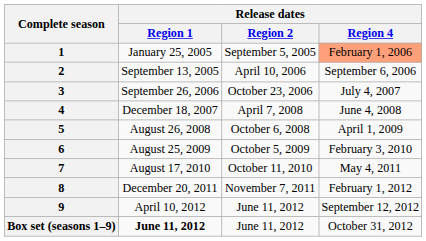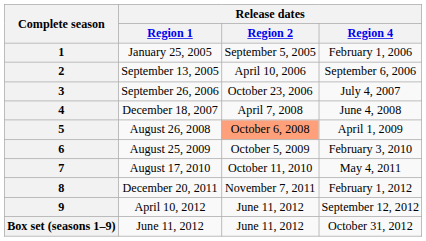 <table class="wikitable">
 <tr>
 <th rowspan="2">Complete season</th>
 <th colspan="3">Release dates</th>
 </tr>
 <tr>
 <th><a href='#'>Region 1</a></th>
 <th><a href='#'>Region 2</a></th>
 <th><a href='#'>Region 4</a></th>
 </tr>
 <tr>
 <th>1</th>
 <td style="text-align:center">January 25, 2005</td>
 <td style="text-align:center">September 5, 2005</td>
-<td style="background: lightsalmon; text-align:center">February 1, 2006</td>
+<td style="text-align:center">February 1, 2006</td>
 </tr>
 <tr>
 <th>2</th>
 <td style="text-align:center">September 13, 2005</td>
 <td style="text-align:center">April 10, 2006</td>
 <td style="text-align:center">September 6, 2006</td>
 </tr>
 <tr>
 <th>3</th>
 <td style="text-align:center">September 26, 2006</td>
 <td style="text-align:center">October 23, 2006</td>
 <td style="text-align:center">July 4, 2007</td>
 </tr>
 <tr>
 <th>4</th>
 <td style="text-align:center">December 18, 2007</td>
 <td style="text-align:center">April 7, 2008</td>
 <td style="text-align:center">June 4, 2008</td>
 </tr>
 <tr>
 <th>5</th>
 <td style="text-align:center">August 26, 2008</td>
-<td style="text-align:center">October 6, 2008</td>
+<td style="background: lightsalmon; text-align:center">October 6, 2008</td>
 <td style="text-align:center">April 1, 2009</td>
 </tr>
 <tr>
 <th>6</th>
 <td style="text-align:center">August 25, 2009</td>
 <td style="text-align:center">October 5, 2009</td>
 <td style="text-align:center">February 3, 2010</td>
 </tr>
 <tr>
 <th>7</th>
 <td style="text-align:center">August 17, 2010</td>
 <td style="text-align:center">October 11, 2010</td>
 <td style="text-align:center">May 4, 2011</td>
 </tr>
 <tr>
 <th>8</th>
 <td style="text-align:center">December 20, 2011</td>
 <td style="text-align:center">November 7, 2011</td>
 <td style="text-align:center">February 1, 2012</td>
 </tr>
 <tr>
 <th>9</th>
 <td style="text-align:center">April 10, 2012</td>
 <td style="text-align:center">June 11, 2012</td>
 <td style="text-align:center">September 12, 2012</td>
 </tr>
 <tr>
 <th>Box set (seasons 1–9)</th>
-<td style="text-align:center"><strong>June 11, 2012</strong></td>
+<td style="text-align:center">June 11, 2012</td>
 <td style="text-align:center">June 11, 2012</td>
 <td style="text-align:center">October 31, 2012</td>
 </tr>
 </table>
